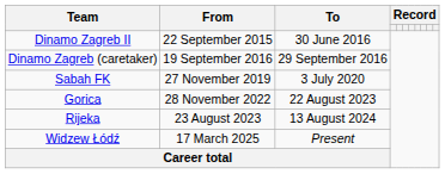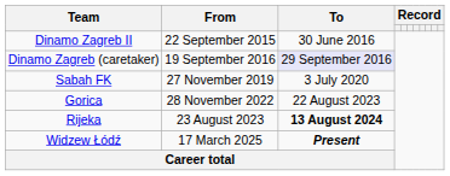 <table class="wikitable" style="text-align: center">
 <tr>
 <th rowspan=2>Team</th>
 <th rowspan=2>From</th>
 <th rowspan=2>To</th>
 <th colspan=8>Record</th>
 </tr>
 <tr>
 <th></th>
 <th></th>
 <th></th>
 <th></th>
 <th></th>
 <th></th>
 <th></th>
 <th></th>
 </tr>
 <tr>
 <td><a href='#'>Dinamo Zagreb II</a></td>
 <td>22 September 2015</td>
 <td>30 June 2016<br></td>
 </tr>
 <tr>
 <td><a href='#'>Dinamo Zagreb</a> (caretaker)</td>
 <td>19 September 2016</td>
-<td>29 September 2016<br></td>
+<td style="background: lavender;">29 September 2016<br></td>
 </tr>
 <tr>
 <td><a href='#'>Sabah FK</a></td>
 <td>27 November 2019</td>
 <td>3 July 2020<br></td>
 </tr>
 <tr>
 <td><a href='#'>Gorica</a></td>
 <td>28 November 2022</td>
 <td>22 August 2023<br></td>
 </tr>
 <tr>
 <td><a href='#'>Rijeka</a></td>
 <td>23 August 2023</td>
-<td>13 August 2024<br></td>
+<td><strong>13 August 2024<br></strong></td>
 </tr>
 <tr>
 <td><a href='#'>Widzew Łódź</a></td>
 <td>17 March 2025</td>
-<td><em>Present</em><br></td>
+<td><strong><em>Present</em><br></strong></td>
 </tr>
 <tr>
 <th colspan=3>Career total<br></th>
 </tr>
 </table>
